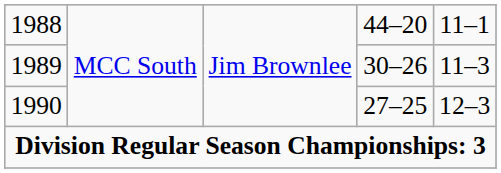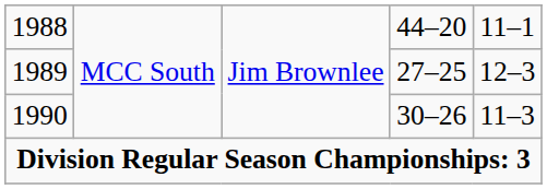 <table class="wikitable" style="text-align:center;">
 <tr>
 <td>1988</td>
 <td rowspan="3"><a href='#'>MCC South</a></td>
 <td rowspan="3"><a href='#'>Jim Brownlee</a></td>
 <td>44–20</td>
 <td>11–1</td>
 </tr>
 <tr>
 <td>1989</td>
-<td>30–26</td>
-<td>11–3</td>
+<td>27–25</td>
+<td>12–3</td>
 </tr>
 <tr>
 <td>1990</td>
-<td>27–25</td>
-<td>12–3</td>
+<td>30–26</td>
+<td>11–3</td>
 </tr>
 <tr>
 <td colspan="6"><strong>Division Regular Season Championships: 3</strong></td>
 </tr>
 </table>
